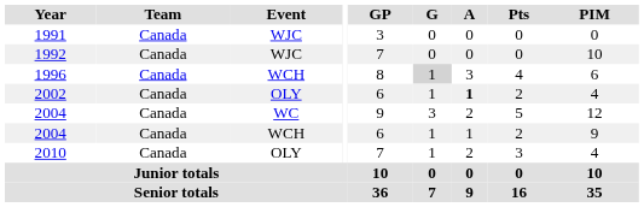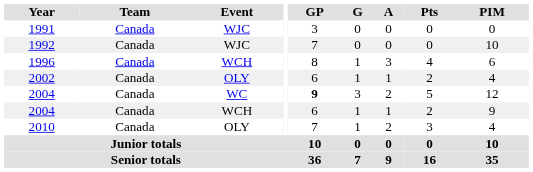 <table border="0" cellpadding="1" cellspacing="0" ID="Table3" style="text-align:center; width:40em">
 <tr bgcolor="#e0e0e0">
 <th>Year</th>
 <th>Team</th>
 <th>Event</th>
 <th rowspan="102" bgcolor="#ffffff"></th>
 <th>GP</th>
 <th>G</th>
 <th>A</th>
 <th>Pts</th>
 <th>PIM</th>
 </tr>
 <tr>
 <td><a href='#'>1991</a></td>
 <td><a href='#'>Canada</a></td>
 <td><a href='#'>WJC</a></td>
 <td>3</td>
 <td>0</td>
 <td>0</td>
 <td>0</td>
 <td>0</td>
 </tr>
 <tr bgcolor="#f0f0f0">
 <td><a href='#'>1992</a></td>
 <td>Canada</td>
 <td>WJC</td>
 <td>7</td>
 <td>0</td>
 <td>0</td>
 <td>0</td>
 <td>10</td>
 </tr>
 <tr>
 <td><a href='#'>1996</a></td>
 <td><a href='#'>Canada</a></td>
 <td><a href='#'>WCH</a></td>
 <td>8</td>
-<td style="background: lightgrey;">1</td>
+<td>1</td>
 <td>3</td>
 <td>4</td>
 <td>6</td>
 </tr>
 <tr bgcolor="#f0f0f0">
 <td><a href='#'>2002</a></td>
 <td>Canada</td>
 <td><a href='#'>OLY</a></td>
 <td>6</td>
 <td>1</td>
-<td><strong>1</strong></td>
+<td>1</td>
 <td>2</td>
 <td>4</td>
 </tr>
 <tr>
 <td><a href='#'>2004</a></td>
 <td>Canada</td>
 <td><a href='#'>WC</a></td>
-<td>9</td>
+<td><strong>9</strong></td>
 <td>3</td>
 <td>2</td>
 <td>5</td>
 <td>12</td>
 </tr>
 <tr bgcolor="#f0f0f0">
 <td><a href='#'>2004</a></td>
 <td>Canada</td>
 <td>WCH</td>
 <td>6</td>
 <td>1</td>
 <td>1</td>
 <td>2</td>
 <td>9</td>
 </tr>
 <tr>
 <td><a href='#'>2010</a></td>
 <td>Canada</td>
 <td>OLY</td>
 <td>7</td>
 <td>1</td>
 <td>2</td>
 <td>3</td>
 <td>4</td>
 </tr>
 <tr bgcolor="#e0e0e0">
 <th colspan="4">Junior totals</th>
 <th>10</th>
 <th>0</th>
 <th>0</th>
 <th>0</th>
 <th>10</th>
 </tr>
 <tr bgcolor="#e0e0e0">
 <th colspan="4">Senior totals</th>
 <th>36</th>
 <th>7</th>
 <th>9</th>
 <th>16</th>
 <th>35</th>
 </tr>
 </table>
